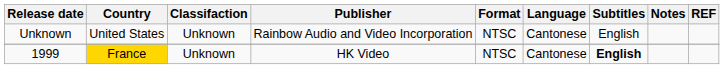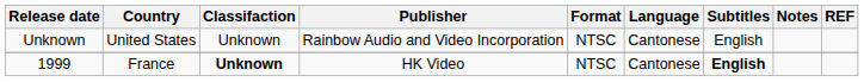 <table class="wikitable">
 <tr>
 <th>Release date<br></th>
 <th>Country<br></th>
 <th>Classifaction<br></th>
 <th>Publisher <br></th>
 <th>Format <br></th>
 <th>Language</th>
 <th>Subtitles</th>
 <th>Notes<br></th>
 <th>REF</th>
 </tr>
 <tr style="text-align:center;">
 <td>Unknown</td>
 <td>United States</td>
 <td>Unknown</td>
 <td>Rainbow Audio and Video Incorporation</td>
 <td>NTSC</td>
 <td>Cantonese</td>
 <td>English</td>
 <td></td>
 <td></td>
 </tr>
 <tr>
 </tr>
 <tr style="text-align:center;">
 <td>1999</td>
-<td style="background: gold;">France</td>
-<td>Unknown</td>
+<td>France</td>
+<td><strong>Unknown</strong></td>
 <td>HK Video</td>
 <td>NTSC</td>
 <td>Cantonese</td>
 <td><strong>English</strong></td>
 <td></td>
 <td></td>
 </tr>
 </table>
